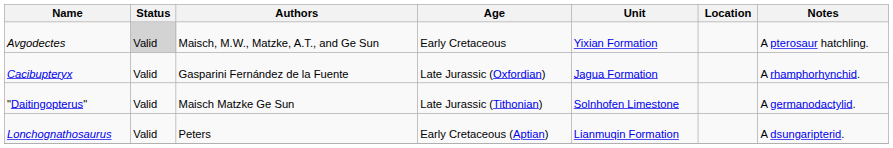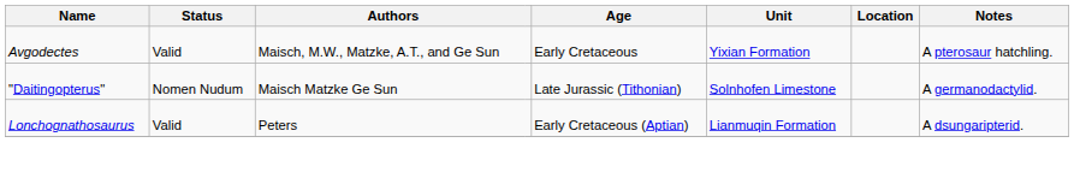 <table class="wikitable sortable" align="center" width="100%">
 <tr>
 <th>Name</th>
 <th>Status</th>
 <th colspan="2">Authors</th>
 <th>Age</th>
 <th>Unit</th>
 <th>Location</th>
 <th>Notes</th>
 </tr>
 <tr>
 <td><br><em>Avgodectes</em></td>
-<td style="background: lightgrey;"><br>Valid</td>
+<td><br>Valid</td>
 <td style="border-right:0px" valign="top"><br>Maisch, M.W., Matzke, A.T., and Ge Sun</td>
 <td style="border-left:0px" valign="top"></td>
 <td><br>Early Cretaceous</td>
 <td><br><a href='#'>Yixian Formation</a></td>
 <td><br></td>
 <td><br>A <a href='#'>pterosaur</a> hatchling.</td>
 </tr>
 <tr>
-<td><br><em><a href='#'>Cacibupteryx</a></em></td>
-<td><br>Valid</td>
-<td style="border-right:0px" valign="top"><br>Gasparini Fernández de la Fuente</td>
-<td style="border-left:0px" valign="top"></td>
-<td><br>Late Jurassic (<a href='#'>Oxfordian</a>)</td>
-<td><br><a href='#'>Jagua Formation</a></td>
-<td><br></td>
-<td><br>A <a href='#'>rhamphorhynchid</a>.</td>
-</tr>
-<tr>
 <td><br>"<a href='#'>Daitingopterus</a>"</td>
-<td><br>Valid</td>
+<td><br>Nomen Nudum</td>
 <td style="border-right:0px" valign="top"><br>Maisch Matzke Ge Sun</td>
 <td style="border-left:0px" valign="top"></td>
 <td><br>Late Jurassic (<a href='#'>Tithonian</a>)</td>
 <td><br><a href='#'>Solnhofen Limestone</a></td>
 <td><br></td>
 <td><br>A <a href='#'>germanodactylid</a>.</td>
 </tr>
 <tr>
 <td><br><em><a href='#'>Lonchognathosaurus</a></em></td>
 <td><br>Valid</td>
 <td style="border-right:0px" valign="top"><br>Peters</td>
 <td style="border-left:0px" valign="top"></td>
 <td><br>Early Cretaceous (<a href='#'>Aptian</a>)</td>
 <td><br><a href='#'>Lianmuqin Formation</a></td>
 <td><br></td>
 <td><br>A <a href='#'>dsungaripterid</a>.</td>
 </tr>
 <tr>
 </tr>
 </table>
